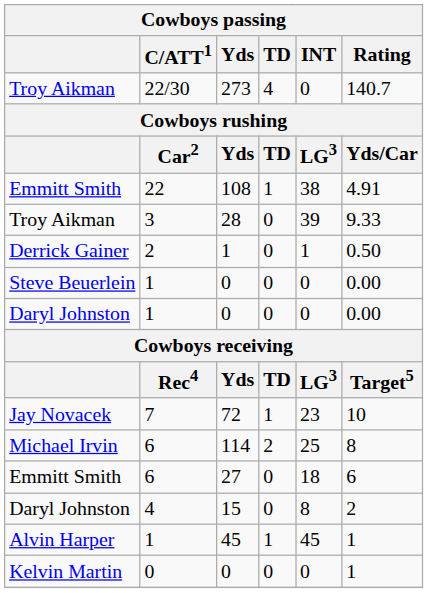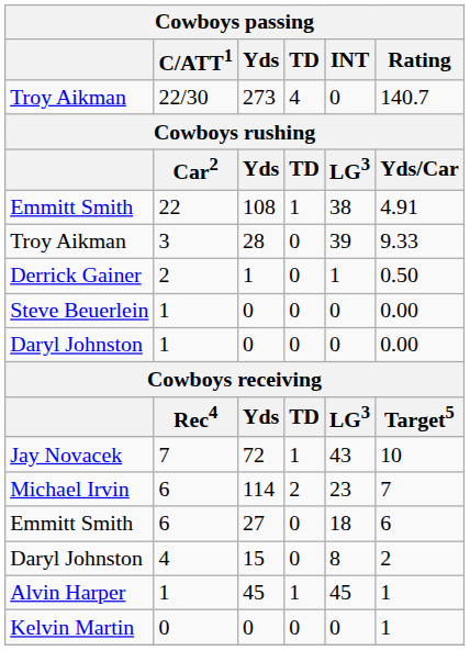 <table class="wikitable">
 <tr>
 <th colspan="6">Cowboys passing</th>
 </tr>
 <tr>
 <th></th>
 <th>C/ATT<sup>1</sup></th>
 <th>Yds</th>
 <th>TD</th>
 <th>INT</th>
 <th>Rating</th>
 </tr>
 <tr>
 <td><a href='#'>Troy Aikman</a></td>
 <td>22/30</td>
 <td>273</td>
 <td>4</td>
 <td>0</td>
 <td>140.7</td>
 </tr>
 <tr>
 <th colspan="6">Cowboys rushing</th>
 </tr>
 <tr>
 <th></th>
 <th>Car<sup>2</sup></th>
 <th>Yds</th>
 <th>TD</th>
 <th>LG<sup>3</sup></th>
 <th>Yds/Car</th>
 </tr>
 <tr>
 <td><a href='#'>Emmitt Smith</a></td>
 <td>22</td>
 <td>108</td>
 <td>1</td>
 <td>38</td>
 <td>4.91</td>
 </tr>
 <tr>
 <td>Troy Aikman</td>
 <td>3</td>
 <td>28</td>
 <td>0</td>
 <td>39</td>
 <td>9.33</td>
 </tr>
 <tr>
 <td><a href='#'>Derrick Gainer</a></td>
 <td>2</td>
 <td>1</td>
 <td>0</td>
 <td>1</td>
 <td>0.50</td>
 </tr>
 <tr>
 <td><a href='#'>Steve Beuerlein</a></td>
 <td>1</td>
 <td>0</td>
 <td>0</td>
 <td>0</td>
 <td>0.00</td>
 </tr>
 <tr>
 <td><a href='#'>Daryl Johnston</a></td>
 <td>1</td>
 <td>0</td>
 <td>0</td>
 <td>0</td>
 <td>0.00</td>
 </tr>
 <tr>
 <th colspan="6">Cowboys receiving</th>
 </tr>
 <tr>
 <th></th>
 <th>Rec<sup>4</sup></th>
 <th>Yds</th>
 <th>TD</th>
 <th>LG<sup>3</sup></th>
 <th>Target<sup>5</sup></th>
 </tr>
 <tr>
 <td><a href='#'>Jay Novacek</a></td>
 <td>7</td>
 <td>72</td>
 <td>1</td>
-<td>23</td>
+<td>43</td>
 <td>10</td>
 </tr>
 <tr>
 <td><a href='#'>Michael Irvin</a></td>
 <td>6</td>
 <td>114</td>
 <td>2</td>
-<td>25</td>
-<td>8</td>
+<td>23</td>
+<td>7</td>
 </tr>
 <tr>
 <td>Emmitt Smith</td>
 <td>6</td>
 <td>27</td>
 <td>0</td>
 <td>18</td>
 <td>6</td>
 </tr>
 <tr>
 <td>Daryl Johnston</td>
 <td>4</td>
 <td>15</td>
 <td>0</td>
 <td>8</td>
 <td>2</td>
 </tr>
 <tr>
 <td><a href='#'>Alvin Harper</a></td>
 <td>1</td>
 <td>45</td>
 <td>1</td>
 <td>45</td>
 <td>1</td>
 </tr>
 <tr>
 <td><a href='#'>Kelvin Martin</a></td>
 <td>0</td>
 <td>0</td>
 <td>0</td>
 <td>0</td>
 <td>1</td>
 </tr>
 <tr>
 </tr>
 </table>
